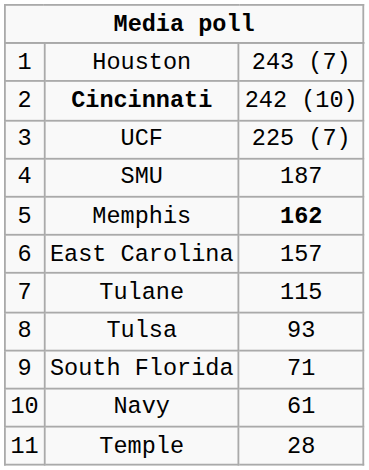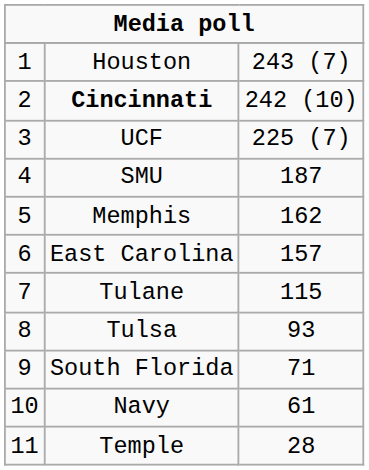 <table class="wikitable">
 <tr align="center">
 <td align="center" Colspan="3"><strong>Media poll</strong></td>
 </tr>
 <tr align="center">
 </tr>
 <tr align="center">
 <td>1</td>
 <td>Houston</td>
 <td>243 (7)</td>
 </tr>
 <tr align="center">
 <td>2</td>
 <td><strong>Cincinnati</strong></td>
 <td>242 (10)</td>
 </tr>
 <tr align="center">
 <td>3</td>
 <td>UCF</td>
 <td>225 (7)</td>
 </tr>
 <tr align="center">
 <td>4</td>
 <td>SMU</td>
 <td>187</td>
 </tr>
 <tr align="center">
 <td>5</td>
 <td>Memphis</td>
-<td><strong>162</strong></td>
+<td>162</td>
 </tr>
 <tr align="center">
 <td>6</td>
 <td>East Carolina</td>
 <td>157</td>
 </tr>
 <tr align="center">
 <td>7</td>
 <td>Tulane</td>
 <td>115</td>
 </tr>
 <tr align="center">
 <td>8</td>
 <td>Tulsa</td>
 <td>93</td>
 </tr>
 <tr align="center">
 <td>9</td>
 <td>South Florida</td>
 <td>71</td>
 </tr>
 <tr align="center">
 <td>10</td>
 <td>Navy</td>
 <td>61</td>
 </tr>
 <tr align="center">
 <td>11</td>
 <td>Temple</td>
 <td>28</td>
 </tr>
 </table>
